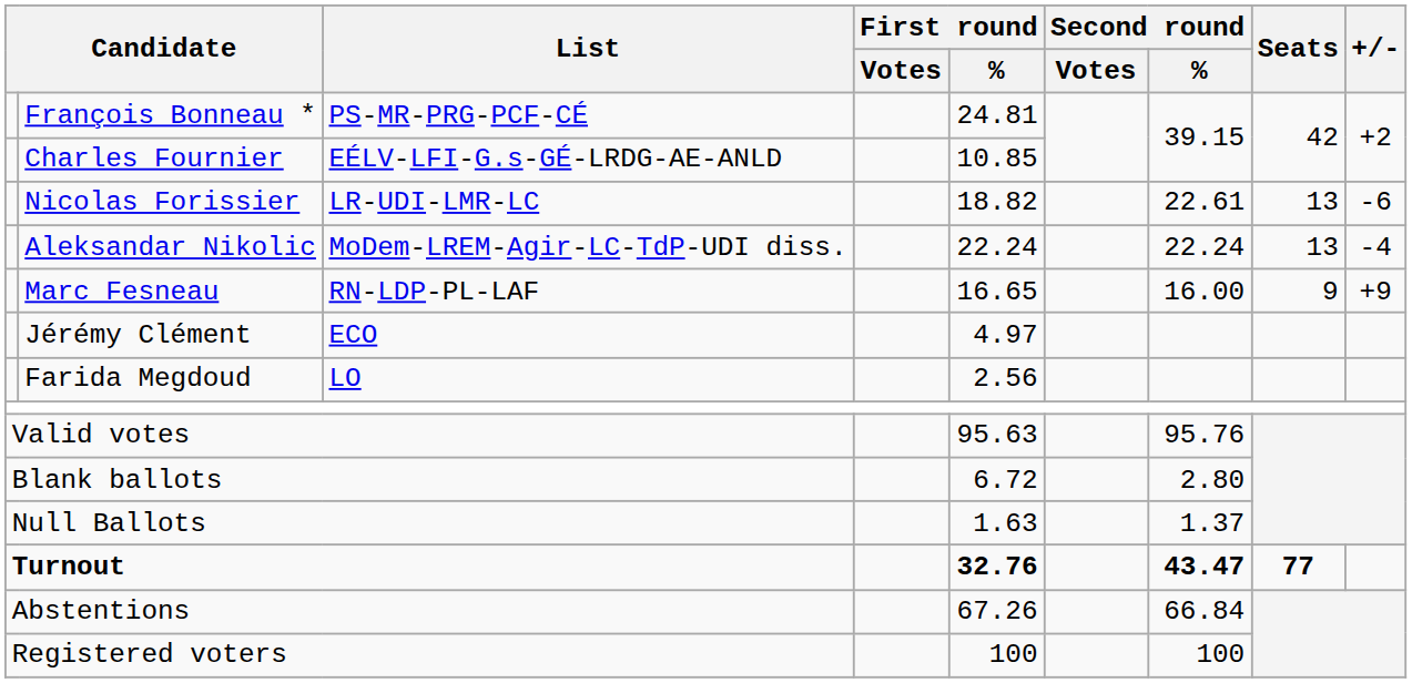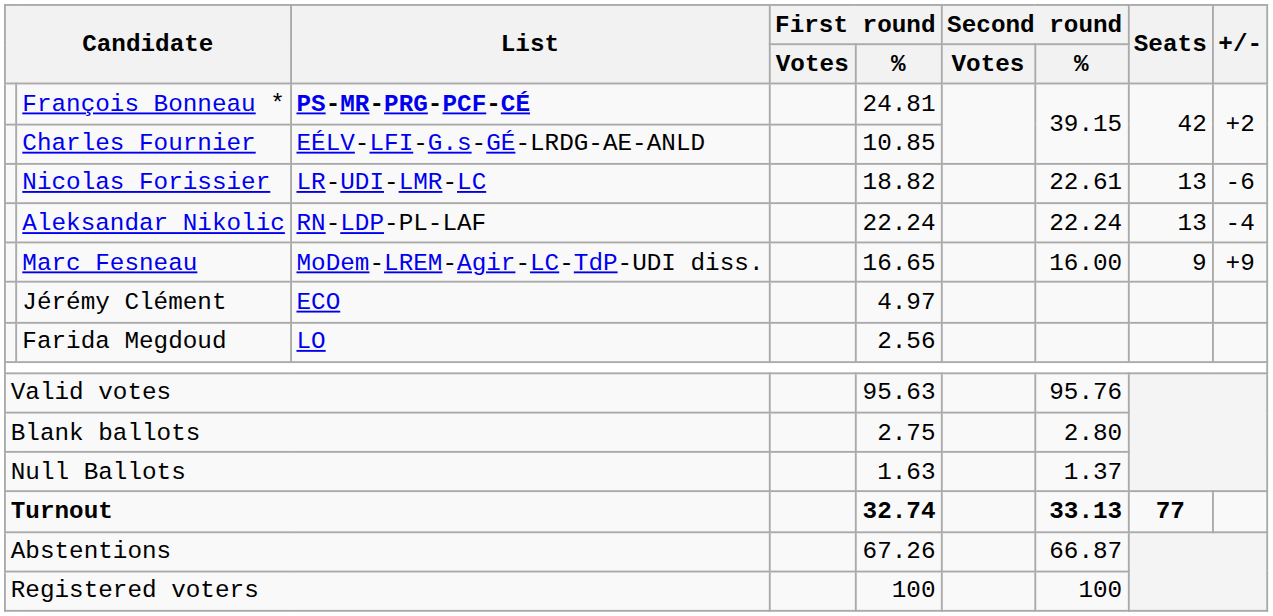 <table class="wikitable centre" style="text-align:right;">
 <tr>
 <th rowspan=2 colspan=2 scope=col>Candidate</th>
 <th rowspan=2 scope=col>List</th>
 <th colspan=2 scope=col>First round</th>
 <th colspan=2 scope=col>Second round</th>
 <th rowspan=2 scope=col>Seats</th>
 <th rowspan=2 scope=col>+/-</th>
 </tr>
 <tr>
 <th scope=col>Votes</th>
 <th scope=col>%</th>
 <th scope=col>Votes</th>
 <th scope=col>%</th>
 </tr>
 <tr>
 <td style="color:inherit;background:"></td>
 <td align="left"><a href='#'>François Bonneau</a> *</td>
-<td align="left"><a href='#'>PS</a>-<a href='#'>MR</a>-<a href='#'>PRG</a>-<a href='#'>PCF</a>-<a href='#'>CÉ</a></td>
+<td align="left"><strong><a href='#'>PS</a>-<a href='#'>MR</a>-<a href='#'>PRG</a>-<a href='#'>PCF</a>-<a href='#'>CÉ</a></strong></td>
 <td></td>
 <td>24.81</td>
 <td rowspan="2"></td>
 <td rowspan="2">39.15</td>
 <td rowspan="2">42</td>
 <td rowspan="2" align="center">+2</td>
 </tr>
 <tr>
 <td style="color:inherit;background:"></td>
 <td align="left"><a href='#'>Charles Fournier</a></td>
 <td align="left"><a href='#'>EÉLV</a>-<a href='#'>LFI</a>-<a href='#'>G.s</a>-<a href='#'>GÉ</a>-LRDG-AE-ANLD</td>
 <td></td>
 <td>10.85</td>
 </tr>
 <tr>
 <td style="color:inherit;background:"></td>
 <td align="left"><a href='#'>Nicolas Forissier</a></td>
 <td align="left"><a href='#'>LR</a>-<a href='#'>UDI</a>-<a href='#'>LMR</a>-<a href='#'>LC</a></td>
 <td></td>
 <td>18.82</td>
 <td></td>
 <td>22.61</td>
 <td>13</td>
 <td align="center">-6</td>
 </tr>
 <tr>
 <td style="color:inherit;background:"></td>
 <td align="left"><a href='#'>Aleksandar Nikolic</a></td>
-<td align="left"><a href='#'>MoDem</a>-<a href='#'>LREM</a>-<a href='#'>Agir</a>-<a href='#'>LC</a>-<a href='#'>TdP</a>-UDI diss.</td>
+<td align="left"><a href='#'>RN</a>-<a href='#'>LDP</a>-PL-LAF</td>
 <td></td>
 <td>22.24</td>
 <td></td>
 <td>22.24</td>
 <td>13</td>
 <td align="center">-4</td>
 </tr>
 <tr>
 <td style="color:inherit;background:"></td>
 <td align="left"><a href='#'>Marc Fesneau</a></td>
-<td align="left"><a href='#'>RN</a>-<a href='#'>LDP</a>-PL-LAF</td>
+<td align="left"><a href='#'>MoDem</a>-<a href='#'>LREM</a>-<a href='#'>Agir</a>-<a href='#'>LC</a>-<a href='#'>TdP</a>-UDI diss.</td>
 <td></td>
 <td>16.65</td>
 <td></td>
 <td>16.00</td>
 <td>9</td>
 <td align="center">+9</td>
 </tr>
 <tr>
 <td style="color:inherit;background:"></td>
 <td align="left">Jérémy Clément</td>
 <td align="left"><a href='#'>ECO</a></td>
 <td></td>
 <td>4.97</td>
 <td></td>
 <td></td>
 <td></td>
 <td align="center"></td>
 </tr>
 <tr>
 <td style="color:inherit;background:"></td>
 <td align="left">Farida Megdoud</td>
 <td align="left"><a href='#'>LO</a></td>
 <td></td>
 <td>2.56</td>
 <td></td>
 <td></td>
 <td></td>
 <td align="center"></td>
 </tr>
 <tr style="background:white;">
 <td colspan=9></td>
 </tr>
 <tr>
 <td colspan=3 style="text-align:left;">Valid votes</td>
 <td></td>
 <td>95.63</td>
 <td></td>
 <td>95.76</td>
 <td colspan="2" rowspan="3" bgcolor=#F4F4F4></td>
 </tr>
 <tr>
 <td colspan=3 style="text-align:left;">Blank ballots</td>
 <td></td>
-<td>6.72</td>
+<td>2.75</td>
 <td></td>
 <td>2.80</td>
 </tr>
 <tr>
 <td colspan=3 style="text-align:left;">Null Ballots</td>
 <td></td>
 <td>1.63</td>
 <td></td>
 <td>1.37</td>
 </tr>
 <tr style="font-weight:bold;">
 <td colspan=3 style="text-align:left;">Turnout</td>
 <td></td>
-<td>32.76</td>
+<td>32.74</td>
 <td></td>
-<td>43.47</td>
+<td>33.13</td>
 <td align=center>77</td>
 <td align=center></td>
 </tr>
 <tr>
 <td colspan=3 style="text-align:left;">Abstentions</td>
 <td></td>
 <td>67.26</td>
 <td></td>
-<td>66.84</td>
+<td>66.87</td>
 <td colspan="2" rowspan="2" bgcolor=#F4F4F4></td>
 </tr>
 <tr>
 <td colspan=3 style="text-align:left;">Registered voters</td>
 <td></td>
 <td>100</td>
 <td></td>
 <td>100</td>
 </tr>
 </table>
